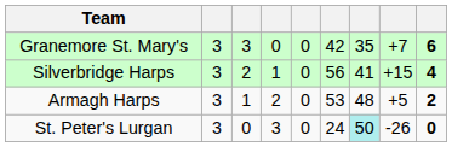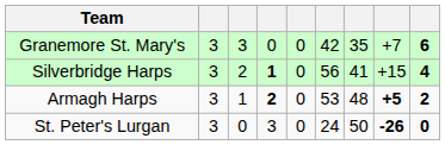 <table class="wikitable" style="text-align:center">
 <tr>
 <th style="width:175px;">Team</th>
 <th width="20"></th>
 <th width="20"></th>
 <th width="20"></th>
 <th width="20"></th>
 <th width="20"></th>
 <th width="20"></th>
 <th width="20"></th>
 <th width="20"></th>
 </tr>
 <tr style="background:#cfc;">
 <td>Granemore St. Mary's</td>
 <td>3</td>
 <td>3</td>
 <td>0</td>
 <td>0</td>
 <td>42</td>
 <td>35</td>
 <td>+7</td>
 <td><strong>6</strong></td>
 </tr>
 <tr style="background:#cfc;">
 <td>Silverbridge Harps</td>
 <td>3</td>
 <td>2</td>
-<td>1</td>
+<td><strong>1</strong></td>
 <td>0</td>
 <td>56</td>
 <td>41</td>
 <td>+15</td>
 <td><strong>4</strong></td>
 </tr>
 <tr>
 <td>Armagh Harps</td>
 <td>3</td>
 <td>1</td>
-<td>2</td>
+<td><strong>2</strong></td>
 <td>0</td>
 <td>53</td>
 <td>48</td>
-<td>+5</td>
+<td><strong>+5</strong></td>
 <td><strong>2</strong></td>
 </tr>
 <tr>
 <td>St. Peter's Lurgan</td>
 <td>3</td>
 <td>0</td>
 <td>3</td>
 <td>0</td>
 <td>24</td>
-<td style="background: paleturquoise;">50</td>
-<td>-26</td>
+<td>50</td>
+<td><strong>-26</strong></td>
 <td><strong>0</strong></td>
 </tr>
 </table>
